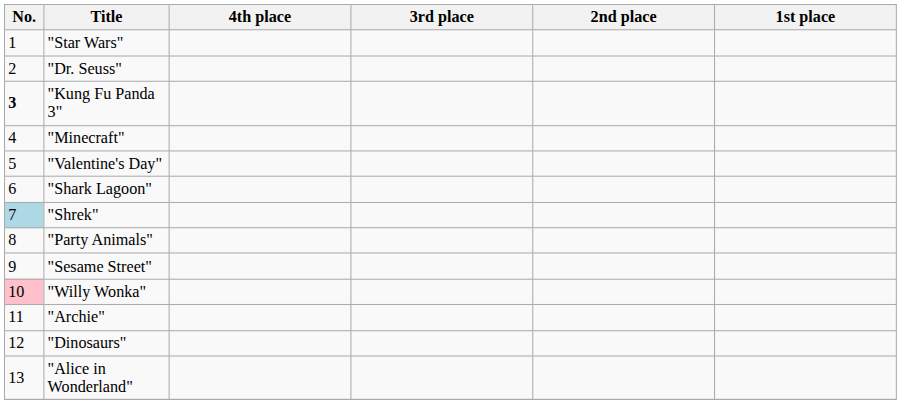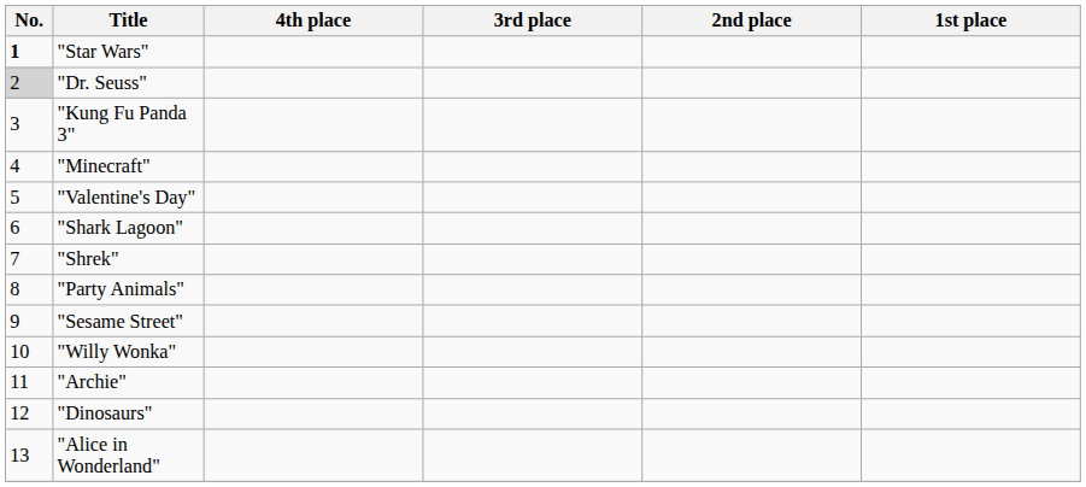 <table class="wikitable plainrowheaders" style="width:100%;">
 <tr>
 <th width=2%>No.</th>
 <th width=8%>Title</th>
 <th width=14%>4th place</th>
 <th width=14%>3rd place</th>
 <th width=14%>2nd place</th>
 <th width=14%>1st place</th>
 </tr>
 <tr>
-<td>1</td>
+<td><strong>1</strong></td>
 <td>"Star Wars"</td>
 <td></td>
 <td></td>
 <td></td>
 <td></td>
 </tr>
 <tr>
-<td>2</td>
+<td style="background: lightgrey;">2</td>
 <td>"Dr. Seuss"</td>
 <td></td>
 <td></td>
 <td></td>
 <td></td>
 </tr>
 <tr>
-<td><strong>3</strong></td>
+<td>3</td>
 <td>"Kung Fu Panda 3"</td>
 <td></td>
 <td></td>
 <td></td>
 <td></td>
 </tr>
 <tr>
 <td>4</td>
 <td>"Minecraft"</td>
 <td></td>
 <td></td>
 <td></td>
 <td></td>
 </tr>
 <tr>
 <td>5</td>
 <td>"Valentine's Day"</td>
 <td></td>
 <td></td>
 <td></td>
 <td></td>
 </tr>
 <tr>
 <td>6</td>
 <td>"Shark Lagoon"</td>
 <td></td>
 <td></td>
 <td></td>
 <td></td>
 </tr>
 <tr>
-<td style="background: lightblue;">7</td>
+<td>7</td>
 <td>"Shrek"</td>
 <td></td>
 <td></td>
 <td></td>
 <td></td>
 </tr>
 <tr>
 <td>8</td>
 <td>"Party Animals"</td>
 <td></td>
 <td></td>
 <td></td>
 <td></td>
 </tr>
 <tr>
 <td>9</td>
 <td>"Sesame Street"</td>
 <td></td>
 <td></td>
 <td></td>
 <td></td>
 </tr>
 <tr>
-<td style="background: pink;">10</td>
+<td>10</td>
 <td>"Willy Wonka"</td>
 <td></td>
 <td></td>
 <td></td>
 <td></td>
 </tr>
 <tr>
 <td>11</td>
 <td>"Archie"</td>
 <td></td>
 <td></td>
 <td></td>
 <td></td>
 </tr>
 <tr>
 <td>12</td>
 <td>"Dinosaurs"</td>
 <td></td>
 <td></td>
 <td></td>
 <td></td>
 </tr>
 <tr>
 <td>13</td>
 <td>"Alice in Wonderland"</td>
 <td></td>
 <td></td>
 <td></td>
 <td></td>
 </tr>
 <tr>
 </tr>
 </table>
